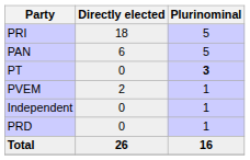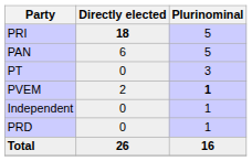 <table class="wikitable" align="right">
 <tr>
 <th>Party</th>
 <th>Directly elected</th>
 <th>Plurinominal</th>
 </tr>
 <tr>
 <td bgcolor=#CCCCFF>PRI</td>
-<td bgcolor=#EFEFEF align="center">18</td>
+<td bgcolor=#EFEFEF align="center"><strong>18</strong></td>
 <td bgcolor=#CCCCFF align="center">5</td>
 </tr>
 <tr>
 <td bgcolor=#CCCCFF>PAN</td>
 <td bgcolor=#EFEFEF align="center">6</td>
 <td bgcolor=#CCCCFF align="center">5</td>
 </tr>
 <tr>
 <td bgcolor=#CCCCFF>PT</td>
 <td bgcolor=#EFEFEF align="center">0</td>
-<td bgcolor=#CCCCFF align="center"><strong>3</strong></td>
+<td bgcolor=#CCCCFF align="center">3</td>
 </tr>
 <tr>
 <td bgcolor=#CCCCFF>PVEM</td>
 <td bgcolor=#EFEFEF align="center">2</td>
-<td bgcolor=#CCCCFF align="center">1</td>
+<td bgcolor=#CCCCFF align="center"><strong>1</strong></td>
 </tr>
 <tr>
 <td bgcolor=#CCCCFF>Independent</td>
 <td bgcolor=#EFEFEF align="center">0</td>
 <td bgcolor=#CCCCFF align="center">1</td>
 </tr>
 <tr>
 <td bgcolor=#CCCCFF>PRD</td>
 <td bgcolor=#EFEFEF align="center">0</td>
 <td bgcolor=#CCCCFF align="center">1</td>
 </tr>
 <tr>
 <td bgcolor=#EFEFEF><strong>Total</strong></td>
 <td bgcolor=#EFEFEF align="center"><strong>26</strong></td>
 <td bgcolor=#EFEFEF align="center"><strong>16</strong></td>
 </tr>
 <tr>
 </tr>
 </table>
